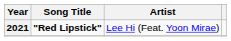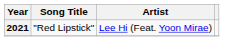 <table class="wikitable sortable plainrowheaders">
 <tr>
 <th scope="col">Year</th>
 <th scope="col">Song Title</th>
 <th scope="col">Artist</th>
 <th scope="col" class="unsortable"></th>
 </tr>
 <tr>
 <th scope="row">2021</th>
-<td><strong>"Red Lipstick"</strong></td>
+<td>"Red Lipstick"</td>
 <td><a href='#'>Lee Hi</a> (Feat. <a href='#'>Yoon Mirae</a>)</td>
 <td></td>
 </tr>
 <tr>
 </tr>
 </table>
